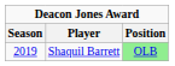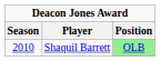 <table class="wikitable" style="text-align:center">
 <tr>
 <td colspan="3"><strong>Deacon Jones Award</strong></td>
 </tr>
 <tr>
 <th>Season</th>
 <th>Player</th>
 <th>Position</th>
 </tr>
 <tr>
-<td><a href='#'>2019</a></td>
+<td><a href='#'>2010</a></td>
 <td><a href='#'>Shaquil Barrett</a></td>
 <td style="background: lightgreen;"><a href='#'>OLB</a></td>
 </tr>
 </table>
